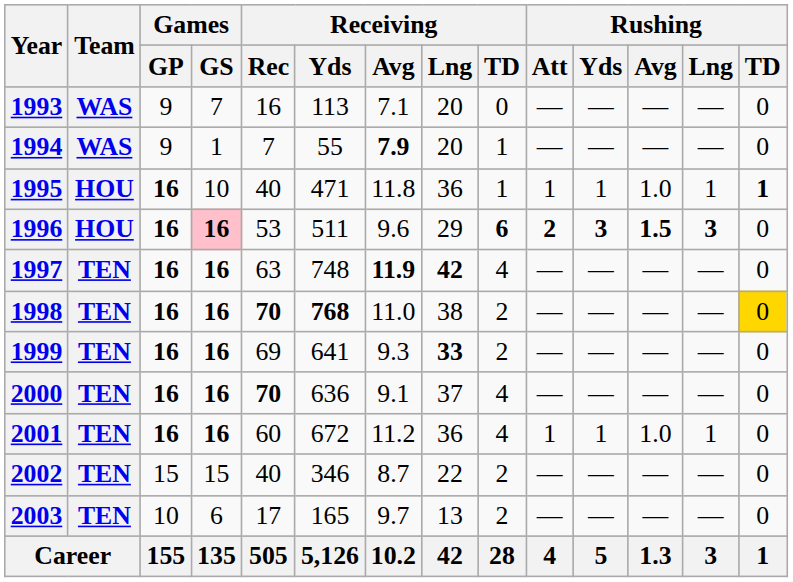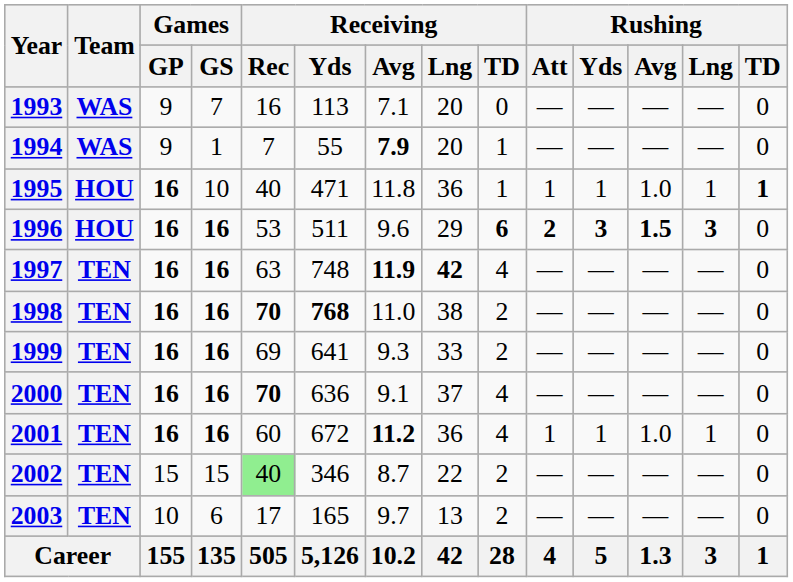 <table class="wikitable" style="text-align:center;">
 <tr>
 <th rowspan="2">Year</th>
 <th rowspan="2">Team</th>
 <th colspan="2">Games</th>
 <th colspan="5">Receiving</th>
 <th colspan="5">Rushing</th>
 </tr>
 <tr>
 <th>GP</th>
 <th>GS</th>
 <th>Rec</th>
 <th>Yds</th>
 <th>Avg</th>
 <th>Lng</th>
 <th>TD</th>
 <th>Att</th>
 <th>Yds</th>
 <th>Avg</th>
 <th>Lng</th>
 <th>TD</th>
 </tr>
 <tr>
 <th><a href='#'>1993</a></th>
 <th><a href='#'>WAS</a></th>
 <td>9</td>
 <td>7</td>
 <td>16</td>
 <td>113</td>
 <td>7.1</td>
 <td>20</td>
 <td>0</td>
 <td>—</td>
 <td>—</td>
 <td>—</td>
 <td>—</td>
 <td>0</td>
 </tr>
 <tr>
 <th><a href='#'>1994</a></th>
 <th><a href='#'>WAS</a></th>
 <td>9</td>
 <td>1</td>
 <td>7</td>
 <td>55</td>
 <td><strong>7.9</strong></td>
 <td>20</td>
 <td>1</td>
 <td>—</td>
 <td>—</td>
 <td>—</td>
 <td>—</td>
 <td>0</td>
 </tr>
 <tr>
 <th><a href='#'>1995</a></th>
 <th><a href='#'>HOU</a></th>
 <td><strong>16</strong></td>
 <td>10</td>
 <td>40</td>
 <td>471</td>
 <td>11.8</td>
 <td>36</td>
 <td>1</td>
 <td>1</td>
 <td>1</td>
 <td>1.0</td>
 <td>1</td>
 <td><strong>1</strong></td>
 </tr>
 <tr>
 <th><a href='#'>1996</a></th>
 <th><a href='#'>HOU</a></th>
 <td><strong>16</strong></td>
-<td style="background: pink;"><strong>16</strong></td>
+<td><strong>16</strong></td>
 <td>53</td>
 <td>511</td>
 <td>9.6</td>
 <td>29</td>
 <td><strong>6</strong></td>
 <td><strong>2</strong></td>
 <td><strong>3</strong></td>
 <td><strong>1.5</strong></td>
 <td><strong>3</strong></td>
 <td>0</td>
 </tr>
 <tr>
 <th><a href='#'>1997</a></th>
 <th><a href='#'>TEN</a></th>
 <td><strong>16</strong></td>
 <td><strong>16</strong></td>
 <td>63</td>
 <td>748</td>
 <td><strong>11.9</strong></td>
 <td><strong>42</strong></td>
 <td>4</td>
 <td>—</td>
 <td>—</td>
 <td>—</td>
 <td>—</td>
 <td>0</td>
 </tr>
 <tr>
 <th><a href='#'>1998</a></th>
 <th><a href='#'>TEN</a></th>
 <td><strong>16</strong></td>
 <td><strong>16</strong></td>
 <td><strong>70</strong></td>
 <td><strong>768</strong></td>
 <td>11.0</td>
 <td>38</td>
 <td>2</td>
 <td>—</td>
 <td>—</td>
 <td>—</td>
 <td>—</td>
-<td style="background: gold;">0</td>
+<td>0</td>
 </tr>
 <tr>
 <th><a href='#'>1999</a></th>
 <th><a href='#'>TEN</a></th>
 <td><strong>16</strong></td>
 <td><strong>16</strong></td>
 <td>69</td>
 <td>641</td>
 <td>9.3</td>
-<td><strong>33</strong></td>
+<td>33</td>
 <td>2</td>
 <td>—</td>
 <td>—</td>
 <td>—</td>
 <td>—</td>
 <td>0</td>
 </tr>
 <tr>
 <th><a href='#'>2000</a></th>
 <th><a href='#'>TEN</a></th>
 <td><strong>16</strong></td>
 <td><strong>16</strong></td>
 <td><strong>70</strong></td>
 <td>636</td>
 <td>9.1</td>
 <td>37</td>
 <td>4</td>
 <td>—</td>
 <td>—</td>
 <td>—</td>
 <td>—</td>
 <td>0</td>
 </tr>
 <tr>
 <th><a href='#'>2001</a></th>
 <th><a href='#'>TEN</a></th>
 <td><strong>16</strong></td>
 <td><strong>16</strong></td>
 <td>60</td>
 <td>672</td>
-<td>11.2</td>
+<td><strong>11.2</strong></td>
 <td>36</td>
 <td>4</td>
 <td>1</td>
 <td>1</td>
 <td>1.0</td>
 <td>1</td>
 <td>0</td>
 </tr>
 <tr>
 <th><a href='#'>2002</a></th>
 <th><a href='#'>TEN</a></th>
 <td>15</td>
 <td>15</td>
-<td>40</td>
+<td style="background: lightgreen;">40</td>
 <td>346</td>
 <td>8.7</td>
 <td>22</td>
 <td>2</td>
 <td>—</td>
 <td>—</td>
 <td>—</td>
 <td>—</td>
 <td>0</td>
 </tr>
 <tr>
 <th><a href='#'>2003</a></th>
 <th><a href='#'>TEN</a></th>
 <td>10</td>
 <td>6</td>
 <td>17</td>
 <td>165</td>
 <td>9.7</td>
 <td>13</td>
 <td>2</td>
 <td>—</td>
 <td>—</td>
 <td>—</td>
 <td>—</td>
 <td>0</td>
 </tr>
 <tr>
 <th colspan="2">Career</th>
 <th>155</th>
 <th>135</th>
 <th>505</th>
 <th>5,126</th>
 <th>10.2</th>
 <th>42</th>
 <th>28</th>
 <th>4</th>
 <th>5</th>
 <th>1.3</th>
 <th>3</th>
 <th>1</th>
 </tr>
 </table>
